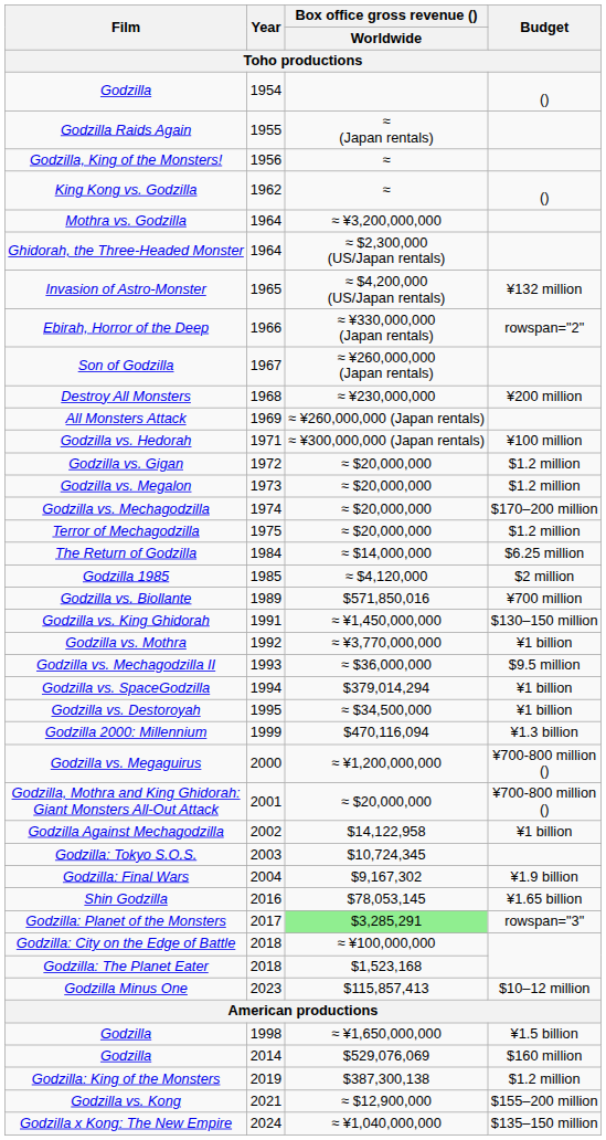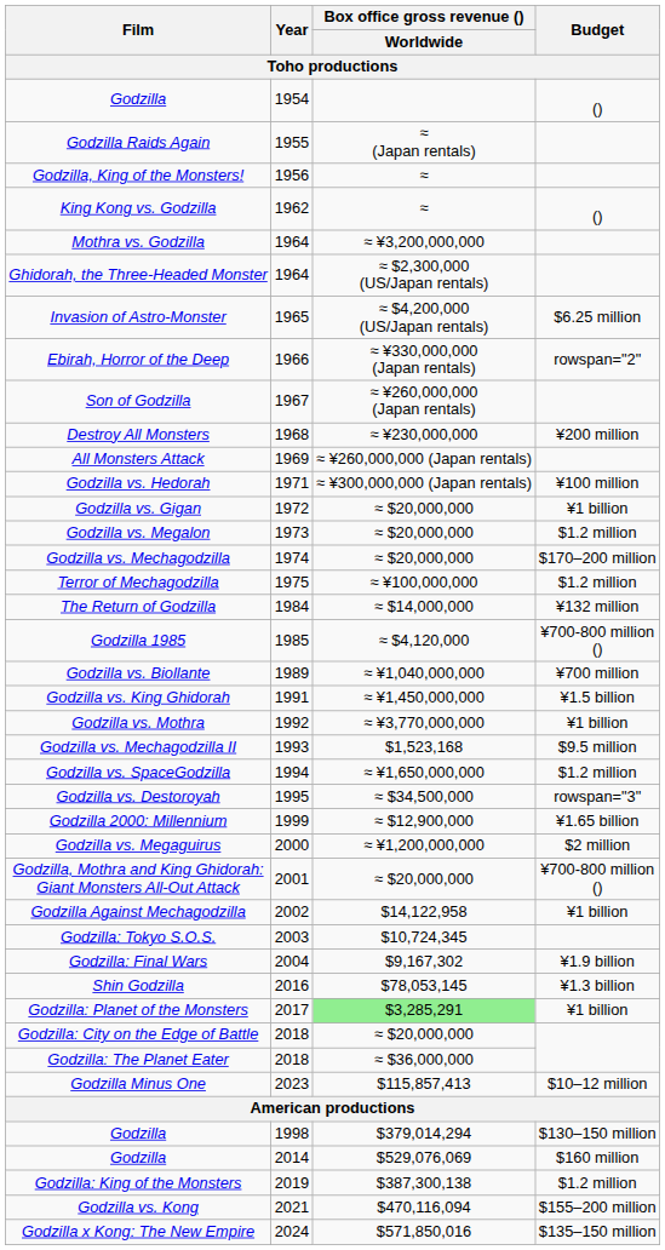 <table class="wikitable sortable" style="text-align:center;">
 <tr>
 <th rowspan="2">Film</th>
 <th rowspan="2">Year</th>
 <th>Box office gross revenue ()</th>
 <th rowspan="2" data-sort-type="currency">Budget</th>
 </tr>
 <tr>
 <th>Worldwide</th>
 </tr>
 <tr>
 <th colspan="4">Toho productions</th>
 </tr>
 <tr>
 <td><em><a href='#'>Godzilla</a></em></td>
 <td>1954</td>
 <td></td>
 <td><br>()</td>
 </tr>
 <tr>
 <td><em><a href='#'>Godzilla Raids Again</a></em></td>
 <td>1955</td>
 <td>≈ <br>(Japan rentals)</td>
 <td></td>
 </tr>
 <tr>
 <td><em><a href='#'>Godzilla, King of the Monsters!</a></em></td>
 <td>1956</td>
 <td>≈ </td>
 <td></td>
 </tr>
 <tr>
 <td><em><a href='#'>King Kong vs. Godzilla</a></em></td>
 <td>1962</td>
 <td>≈ </td>
 <td><br>()</td>
 </tr>
 <tr>
 <td><em><a href='#'>Mothra vs. Godzilla</a></em></td>
 <td>1964</td>
 <td>≈ ¥3,200,000,000</td>
 <td></td>
 </tr>
 <tr>
 <td><em><a href='#'>Ghidorah, the Three-Headed Monster</a></em></td>
 <td>1964</td>
 <td>≈ $2,300,000<br>(US/Japan rentals)</td>
 <td></td>
 </tr>
 <tr>
 <td><em><a href='#'>Invasion of Astro-Monster</a></em></td>
 <td>1965</td>
 <td>≈ $4,200,000<br>(US/Japan rentals)</td>
-<td>¥132 million</td>
+<td>$6.25 million</td>
 </tr>
 <tr>
 <td><em><a href='#'>Ebirah, Horror of the Deep</a></em></td>
 <td>1966</td>
 <td>≈ ¥330,000,000<br>(Japan rentals)</td>
 <td>rowspan="2" </td>
 </tr>
 <tr>
 <td><em><a href='#'>Son of Godzilla</a></em></td>
 <td>1967</td>
 <td>≈ ¥260,000,000<br>(Japan rentals)</td>
 </tr>
 <tr>
 <td><em><a href='#'>Destroy All Monsters</a></em></td>
 <td>1968</td>
 <td>≈ ¥230,000,000</td>
 <td>¥200 million</td>
 </tr>
 <tr>
 <td><em><a href='#'>All Monsters Attack</a></em></td>
 <td>1969</td>
 <td>≈ ¥260,000,000 (Japan rentals)</td>
 <td></td>
 </tr>
 <tr>
 <td><em><a href='#'>Godzilla vs. Hedorah</a></em></td>
 <td>1971</td>
 <td>≈ ¥300,000,000 (Japan rentals)</td>
 <td>¥100 million</td>
 </tr>
 <tr>
 <td><em><a href='#'>Godzilla vs. Gigan</a></em></td>
 <td>1972</td>
 <td>≈ $20,000,000</td>
-<td>$1.2 million</td>
+<td>¥1 billion</td>
 </tr>
 <tr>
 <td><em><a href='#'>Godzilla vs. Megalon</a></em></td>
 <td>1973</td>
 <td>≈ $20,000,000</td>
 <td>$1.2 million</td>
 </tr>
 <tr>
 <td><em><a href='#'>Godzilla vs. Mechagodzilla</a></em></td>
 <td>1974</td>
 <td>≈ $20,000,000</td>
 <td>$170–200 million</td>
 </tr>
 <tr>
 <td><em><a href='#'>Terror of Mechagodzilla</a></em></td>
 <td>1975</td>
-<td>≈ $20,000,000</td>
+<td>≈ ¥100,000,000</td>
 <td>$1.2 million</td>
 </tr>
 <tr>
 <td><em><a href='#'>The Return of Godzilla</a></em></td>
 <td>1984</td>
 <td>≈ $14,000,000</td>
-<td>$6.25 million</td>
+<td>¥132 million</td>
 </tr>
 <tr>
 <td><em><a href='#'>Godzilla 1985</a></em></td>
 <td>1985</td>
 <td>≈ $4,120,000</td>
-<td>$2 million</td>
+<td>¥700-800 million<br>()</td>
 </tr>
 <tr>
 <td><em><a href='#'>Godzilla vs. Biollante</a></em></td>
 <td>1989</td>
-<td>$571,850,016</td>
+<td>≈ ¥1,040,000,000</td>
 <td>¥700 million</td>
 </tr>
 <tr>
 <td><em><a href='#'>Godzilla vs. King Ghidorah</a></em></td>
 <td>1991</td>
 <td>≈ ¥1,450,000,000</td>
-<td>$130–150 million</td>
+<td>¥1.5 billion</td>
 </tr>
 <tr>
 <td><em><a href='#'>Godzilla vs. Mothra</a></em></td>
 <td>1992</td>
 <td>≈ ¥3,770,000,000</td>
 <td>¥1 billion</td>
 </tr>
 <tr>
 <td><em><a href='#'>Godzilla vs. Mechagodzilla II</a></em></td>
 <td>1993</td>
-<td>≈ $36,000,000</td>
+<td>$1,523,168</td>
 <td>$9.5 million</td>
 </tr>
 <tr>
 <td><em><a href='#'>Godzilla vs. SpaceGodzilla</a></em></td>
 <td>1994</td>
-<td>$379,014,294</td>
-<td>¥1 billion</td>
+<td>≈ ¥1,650,000,000</td>
+<td>$1.2 million</td>
 </tr>
 <tr>
 <td><em><a href='#'>Godzilla vs. Destoroyah</a></em></td>
 <td>1995</td>
 <td>≈ $34,500,000</td>
-<td>¥1 billion</td>
+<td>rowspan="3" </td>
 </tr>
 <tr>
 <td><em><a href='#'>Godzilla 2000: Millennium</a></em></td>
 <td>1999</td>
-<td>$470,116,094</td>
-<td>¥1.3 billion</td>
+<td>≈ $12,900,000</td>
+<td>¥1.65 billion</td>
 </tr>
 <tr>
 <td><em><a href='#'>Godzilla vs. Megaguirus</a></em></td>
 <td>2000</td>
 <td>≈ ¥1,200,000,000</td>
-<td>¥700-800 million<br>()</td>
+<td>$2 million</td>
 </tr>
 <tr>
 <td><em><a href='#'>Godzilla, Mothra and King Ghidorah:<br>Giant Monsters All-Out Attack</a></em></td>
 <td>2001</td>
 <td>≈ $20,000,000</td>
 <td>¥700-800 million<br>()</td>
 </tr>
 <tr>
 <td><em><a href='#'>Godzilla Against Mechagodzilla</a></em></td>
 <td>2002</td>
 <td>$14,122,958</td>
 <td>¥1 billion</td>
 </tr>
 <tr>
 <td><em><a href='#'>Godzilla: Tokyo S.O.S.</a></em></td>
 <td>2003</td>
 <td>$10,724,345</td>
 <td></td>
 </tr>
 <tr>
 <td><em><a href='#'>Godzilla: Final Wars</a></em></td>
 <td>2004</td>
 <td>$9,167,302</td>
 <td>¥1.9 billion</td>
 </tr>
 <tr>
 <td><em><a href='#'>Shin Godzilla</a></em></td>
 <td>2016</td>
 <td>$78,053,145</td>
-<td>¥1.65 billion</td>
+<td>¥1.3 billion</td>
 </tr>
 <tr>
 <td><em><a href='#'>Godzilla: Planet of the Monsters</a></em></td>
 <td>2017</td>
 <td style="background: lightgreen;">$3,285,291</td>
-<td>rowspan="3" </td>
+<td>¥1 billion</td>
 </tr>
 <tr>
 <td><em><a href='#'>Godzilla: City on the Edge of Battle</a></em></td>
 <td>2018</td>
-<td>≈ ¥100,000,000</td>
+<td>≈ $20,000,000</td>
 </tr>
 <tr>
 <td><em><a href='#'>Godzilla: The Planet Eater</a></em></td>
 <td>2018</td>
-<td>$1,523,168</td>
+<td>≈ $36,000,000</td>
 </tr>
 <tr>
 <td><em><a href='#'>Godzilla Minus One</a></em></td>
 <td>2023</td>
 <td>$115,857,413</td>
 <td>$10–12 million</td>
 </tr>
 <tr>
 <th colspan="4">American productions</th>
 </tr>
 <tr>
 <td><em><a href='#'>Godzilla</a></em></td>
 <td>1998</td>
-<td>≈ ¥1,650,000,000</td>
-<td>¥1.5 billion</td>
+<td>$379,014,294</td>
+<td>$130–150 million</td>
 </tr>
 <tr>
 <td><em><a href='#'>Godzilla</a></em></td>
 <td>2014</td>
 <td>$529,076,069</td>
 <td>$160 million</td>
 </tr>
 <tr>
 <td><em><a href='#'>Godzilla: King of the Monsters</a></em></td>
 <td>2019</td>
 <td>$387,300,138</td>
 <td>$1.2 million</td>
 </tr>
 <tr>
 <td><em><a href='#'>Godzilla vs. Kong</a></em></td>
 <td>2021</td>
-<td>≈ $12,900,000</td>
+<td>$470,116,094</td>
 <td>$155–200 million</td>
 </tr>
 <tr>
 <td><em><a href='#'>Godzilla x Kong: The New Empire</a></em></td>
 <td>2024</td>
-<td>≈ ¥1,040,000,000</td>
+<td>$571,850,016</td>
 <td>$135–150 million</td>
 </tr>
 </table>
